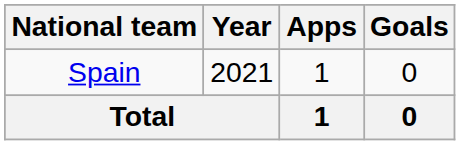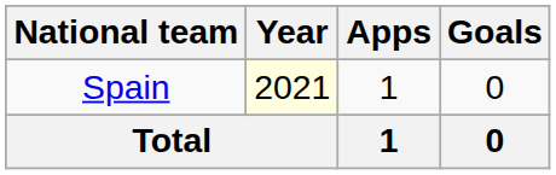 <table class="wikitable" style="text-align:center">
 <tr>
 <th>National team</th>
 <th>Year</th>
 <th>Apps</th>
 <th>Goals</th>
 </tr>
 <tr>
 <td rowspan="1"><a href='#'>Spain</a></td>
-<td>2021</td>
+<td style="background: lightyellow;">2021</td>
 <td>1</td>
 <td>0</td>
 </tr>
 <tr>
 <th colspan="2">Total</th>
 <th>1</th>
 <th>0</th>
 </tr>
 </table>
